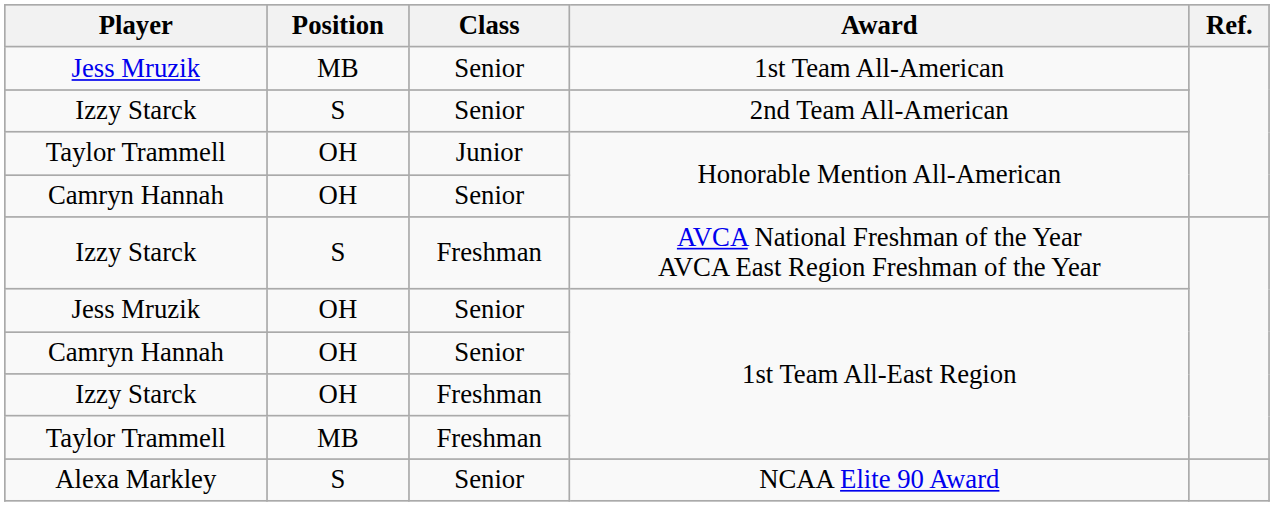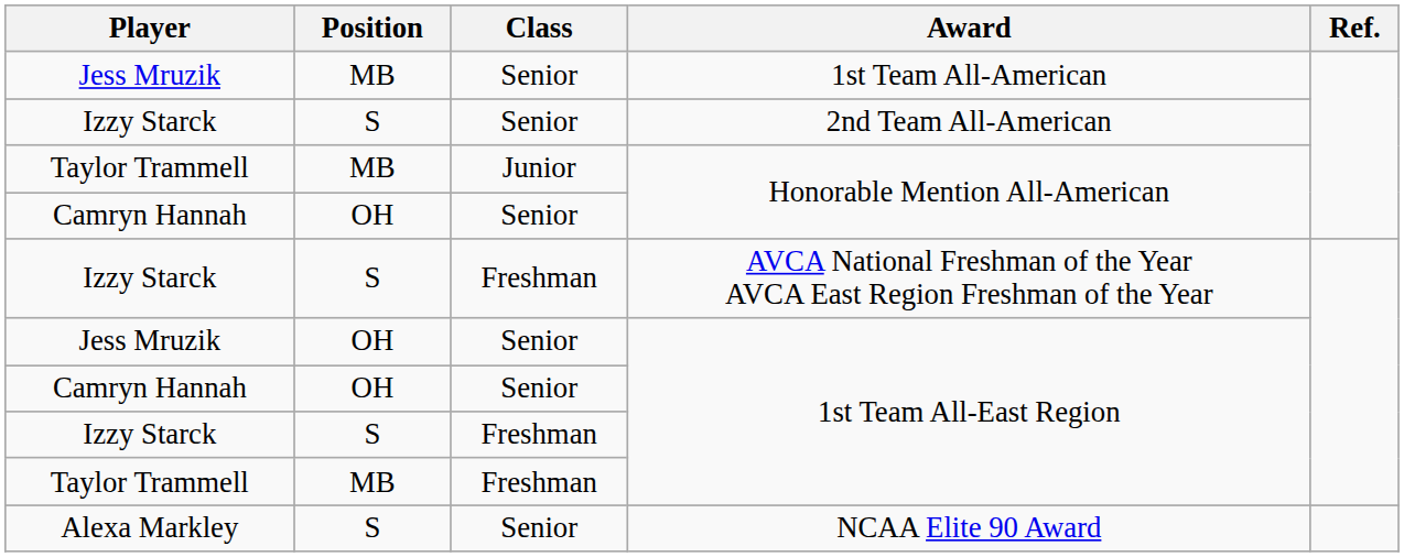 <table class="wikitable" style="width: 60%;text-align: center;">
 <tr>
 <th>Player</th>
 <th>Position</th>
 <th>Class</th>
 <th>Award</th>
 <th>Ref.</th>
 </tr>
 <tr align="center">
 <td><a href='#'>Jess Mruzik</a></td>
 <td>MB</td>
 <td>Senior</td>
 <td rowspan="1">1st Team All-American</td>
 <td rowspan="4"></td>
 </tr>
 <tr align="center">
 <td>Izzy Starck</td>
 <td>S</td>
 <td>Senior</td>
 <td rowspan="1">2nd Team All-American</td>
 </tr>
 <tr align="center">
 <td>Taylor Trammell</td>
-<td>OH</td>
+<td>MB</td>
 <td>Junior</td>
 <td rowspan="2">Honorable Mention All-American</td>
 </tr>
 <tr align="center">
 <td>Camryn Hannah</td>
 <td>OH</td>
 <td>Senior</td>
 </tr>
 <tr align="center">
 <td>Izzy Starck</td>
 <td>S</td>
 <td>Freshman</td>
 <td rowspan="1"><a href='#'>AVCA</a> National Freshman of the Year<br> AVCA East Region Freshman of the Year</td>
 <td rowspan="5"></td>
 </tr>
 <tr align="center">
 <td>Jess Mruzik</td>
 <td>OH</td>
 <td>Senior</td>
 <td rowspan="4">1st Team All-East Region</td>
 </tr>
 <tr align="center">
 <td>Camryn Hannah</td>
 <td>OH</td>
 <td>Senior</td>
 </tr>
 <tr align="center">
 <td>Izzy Starck</td>
-<td>OH</td>
+<td>S</td>
 <td>Freshman</td>
 </tr>
 <tr align="center">
 <td>Taylor Trammell</td>
 <td>MB</td>
 <td>Freshman</td>
 </tr>
 <tr align="center">
 <td>Alexa Markley</td>
 <td>S</td>
 <td>Senior</td>
 <td rowspan="1">NCAA <a href='#'>Elite 90 Award</a></td>
 <td rowspan="1"></td>
 </tr>
 </table>
